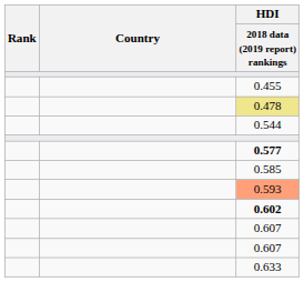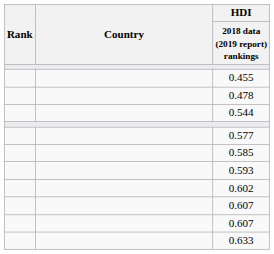 <table class="wikitable sortable" style="text-align:center">
 <tr>
 <th scope="col" rowspan="2" data-sort-type="number">Rank</th>
 <th scope="col" rowspan="2" style="width:250px;">Country</th>
 <th scope="col" colspan="2">HDI</th>
 </tr>
 <tr>
 <th scope="col" style="width:75px;" data-sort-type="number"><small>2018 data (2019 report) rankings</small></th>
 </tr>
 <tr>
 <td scope="row" colspan="4" style="color:#900; background-color:#EAECF0;"></td>
 </tr>
 <tr>
 <td></td>
 <td style="text-align:left"></td>
 <td>0.455</td>
 </tr>
 <tr>
 <td></td>
 <td style="text-align:left"></td>
-<td style="background: khaki;">0.478</td>
+<td>0.478</td>
 </tr>
 <tr>
 <td></td>
 <td style="text-align:left"></td>
 <td>0.544</td>
 </tr>
 <tr>
 <td scope="row" colspan="4" style="color:#fc0; background-color:#EAECF0;"></td>
 </tr>
 <tr>
 <td></td>
 <td style="text-align:left"></td>
-<td><strong>0.577</strong></td>
+<td>0.577</td>
 </tr>
 <tr>
 <td></td>
 <td style="text-align:left"></td>
 <td>0.585</td>
 </tr>
 <tr>
 <td></td>
 <td style="text-align:left"></td>
-<td style="background: lightsalmon;">0.593</td>
+<td>0.593</td>
 </tr>
 <tr>
 <td></td>
 <td style="text-align:left"></td>
-<td><strong>0.602</strong></td>
+<td>0.602</td>
 </tr>
 <tr>
 <td></td>
 <td style="text-align:left"></td>
 <td>0.607</td>
 </tr>
 <tr>
 <td></td>
 <td style="text-align:left"></td>
 <td>0.607</td>
 </tr>
 <tr>
 <td></td>
 <td style="text-align:left"></td>
 <td>0.633</td>
 </tr>
 </table>
